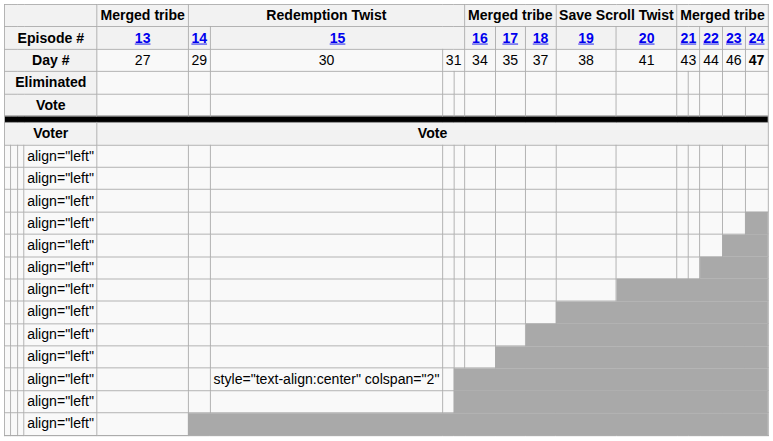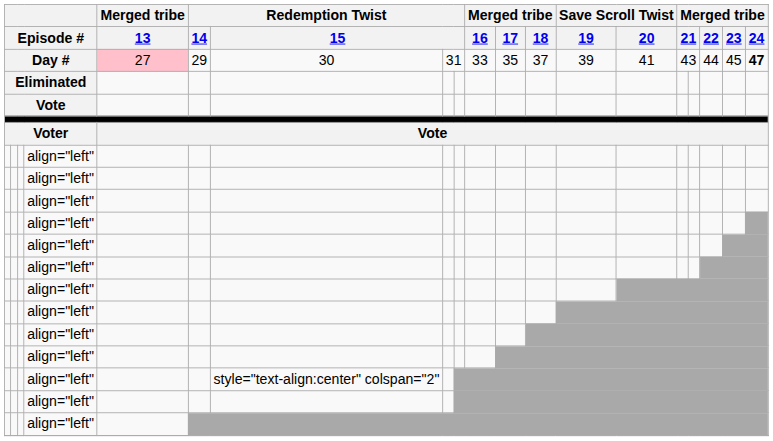 <table class="wikitable nowrap" style="text-align:center;">
 <tr>
 <th colspan="4"></th>
 <th>Merged tribe</th>
 <th colspan="4">Redemption Twist</th>
 <th colspan="3">Merged tribe</th>
 <th colspan="2">Save Scroll Twist</th>
 <th colspan="5">Merged tribe</th>
 </tr>
 <tr>
 <th colspan="4">Episode #</th>
 <th><a href='#'>13</a></th>
 <th><a href='#'>14</a></th>
 <th colspan="3"><a href='#'>15</a></th>
 <th><a href='#'>16</a></th>
 <th><a href='#'>17</a></th>
 <th><a href='#'>18</a></th>
 <th><a href='#'>19</a></th>
 <th><a href='#'>20</a></th>
 <th colspan="2"><a href='#'>21</a></th>
 <th><a href='#'>22</a></th>
 <th><a href='#'>23</a></th>
 <th><a href='#'>24</a></th>
 </tr>
 <tr>
 <th colspan="4">Day #</th>
-<td>27</td>
+<td style="background: pink;">27</td>
 <td>29</td>
 <td>30</td>
 <td colspan="2">31</td>
-<td>34</td>
+<td>33</td>
 <td>35</td>
 <td>37</td>
-<td>38</td>
+<td>39</td>
 <td>41</td>
 <td colspan="2">43</td>
 <td>44</td>
-<td>46</td>
+<td>45</td>
 <td><strong>47</strong></td>
 </tr>
 <tr>
 <th colspan="4">Eliminated</th>
 <td></td>
 <td></td>
 <td></td>
 <td></td>
 <td></td>
 <td></td>
 <td></td>
 <td></td>
 <td></td>
 <td></td>
 <td></td>
 <td></td>
 <td></td>
 <td></td>
 <td></td>
 </tr>
 <tr>
 <th colspan="4">Vote</th>
 <td></td>
 <td></td>
 <td></td>
 <td></td>
 <td></td>
 <td></td>
 <td></td>
 <td></td>
 <td></td>
 <td></td>
 <td></td>
 <td></td>
 <td></td>
 <td></td>
 <td></td>
 </tr>
 <tr>
 <td colspan="19" style="background:black"></td>
 </tr>
 <tr>
 <th colspan="4">Voter</th>
 <th colspan="15" style="text-align:center">Vote</th>
 </tr>
 <tr>
 <td></td>
 <td></td>
 <td></td>
 <td>align="left"  </td>
 <td></td>
 <td></td>
 <td></td>
 <td></td>
 <td></td>
 <td></td>
 <td></td>
 <td></td>
 <td></td>
 <td></td>
 <td></td>
 <td></td>
 <td></td>
 <td></td>
 <td></td>
 </tr>
 <tr>
 <td></td>
 <td></td>
 <td></td>
 <td>align="left"  </td>
 <td></td>
 <td></td>
 <td></td>
 <td></td>
 <td></td>
 <td></td>
 <td></td>
 <td></td>
 <td></td>
 <td></td>
 <td></td>
 <td></td>
 <td></td>
 <td></td>
 <td></td>
 </tr>
 <tr>
 <td></td>
 <td></td>
 <td></td>
 <td>align="left"  </td>
 <td></td>
 <td></td>
 <td></td>
 <td></td>
 <td></td>
 <td></td>
 <td></td>
 <td></td>
 <td></td>
 <td></td>
 <td></td>
 <td></td>
 <td></td>
 <td></td>
 <td></td>
 </tr>
 <tr>
 <td></td>
 <td></td>
 <td></td>
 <td>align="left" </td>
 <td></td>
 <td></td>
 <td></td>
 <td></td>
 <td></td>
 <td></td>
 <td></td>
 <td></td>
 <td></td>
 <td></td>
 <td></td>
 <td></td>
 <td></td>
 <td></td>
 <td colspan="2" style="background:darkgrey"></td>
 </tr>
 <tr>
 <td></td>
 <td></td>
 <td></td>
 <td>align="left"  </td>
 <td></td>
 <td></td>
 <td></td>
 <td></td>
 <td></td>
 <td></td>
 <td></td>
 <td></td>
 <td></td>
 <td></td>
 <td></td>
 <td></td>
 <td></td>
 <td colspan="2" style="background:darkgrey"></td>
 </tr>
 <tr>
 <td></td>
 <td></td>
 <td></td>
 <td>align="left"  </td>
 <td></td>
 <td></td>
 <td></td>
 <td></td>
 <td></td>
 <td></td>
 <td></td>
 <td></td>
 <td></td>
 <td></td>
 <td></td>
 <td></td>
 <td colspan="3" style="background:darkgrey"></td>
 </tr>
 <tr>
 <td></td>
 <td></td>
 <td></td>
 <td>align="left"  </td>
 <td></td>
 <td></td>
 <td></td>
 <td></td>
 <td></td>
 <td></td>
 <td></td>
 <td></td>
 <td></td>
 <td colspan="6" style="background:darkgrey"></td>
 </tr>
 <tr>
 <td></td>
 <td></td>
 <td></td>
 <td>align="left"  </td>
 <td></td>
 <td></td>
 <td></td>
 <td></td>
 <td></td>
 <td></td>
 <td></td>
 <td></td>
 <td colspan="7" style="background:darkgrey"></td>
 </tr>
 <tr>
 <td></td>
 <td></td>
 <td></td>
 <td>align="left"  </td>
 <td></td>
 <td></td>
 <td></td>
 <td></td>
 <td></td>
 <td></td>
 <td></td>
 <td colspan="10" style="background:darkgrey"></td>
 </tr>
 <tr>
 <td></td>
 <td></td>
 <td></td>
 <td>align="left"  </td>
 <td></td>
 <td></td>
 <td></td>
 <td></td>
 <td></td>
 <td></td>
 <td colspan="11" style="background:darkgrey"></td>
 </tr>
 <tr>
 <td></td>
 <td></td>
 <td></td>
 <td>align="left"  </td>
 <td></td>
 <td></td>
 <td>style="text-align:center" colspan="2" </td>
 <td></td>
 <td colspan="12" style="background:darkgrey"></td>
 </tr>
 <tr>
 <td></td>
 <td></td>
 <td></td>
 <td>align="left"  </td>
 <td></td>
 <td></td>
 <td></td>
 <td></td>
 <td colspan="13" style="background:darkgrey"></td>
 </tr>
 <tr>
 <td></td>
 <td></td>
 <td></td>
 <td>align="left"  </td>
 <td></td>
 <td colspan="14" style="background:darkgrey"></td>
 </tr>
 <tr>
 </tr>
 </table>
